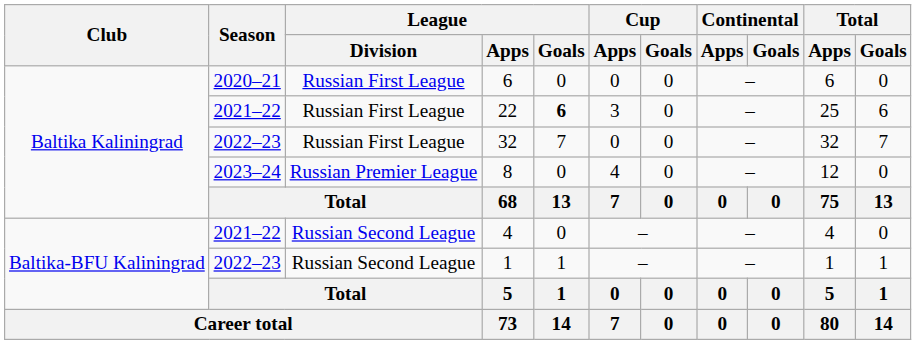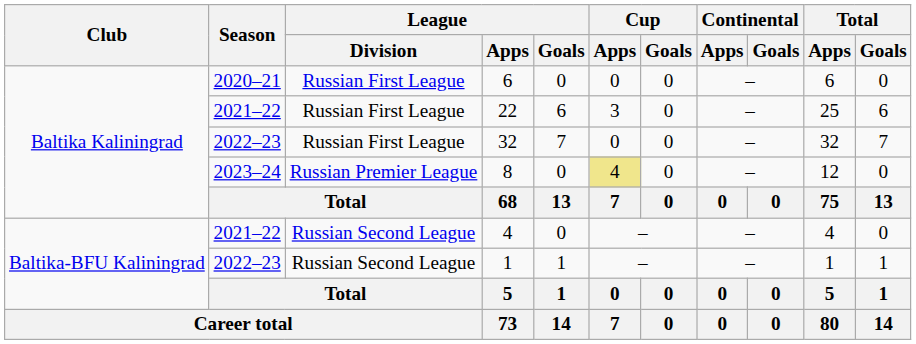 <table class="wikitable" style="text-align: center;">
 <tr>
 <th rowspan=2>Club</th>
 <th rowspan=2>Season</th>
 <th colspan=3>League</th>
 <th colspan=2>Cup</th>
 <th colspan=2>Continental</th>
 <th colspan=2>Total</th>
 </tr>
 <tr>
 <th>Division</th>
 <th>Apps</th>
 <th>Goals</th>
 <th>Apps</th>
 <th>Goals</th>
 <th>Apps</th>
 <th>Goals</th>
 <th>Apps</th>
 <th>Goals</th>
 </tr>
 <tr>
 <td rowspan="5"><a href='#'>Baltika Kaliningrad</a></td>
 <td><a href='#'>2020–21</a></td>
 <td><a href='#'>Russian First League</a></td>
 <td>6</td>
 <td>0</td>
 <td>0</td>
 <td>0</td>
 <td colspan=2>–</td>
 <td>6</td>
 <td>0</td>
 </tr>
 <tr>
 <td><a href='#'>2021–22</a></td>
 <td>Russian First League</td>
 <td>22</td>
-<td><strong>6</strong></td>
+<td>6</td>
 <td>3</td>
 <td>0</td>
 <td colspan=2>–</td>
 <td>25</td>
 <td>6</td>
 </tr>
 <tr>
 <td><a href='#'>2022–23</a></td>
 <td>Russian First League</td>
 <td>32</td>
 <td>7</td>
 <td>0</td>
 <td>0</td>
 <td colspan=2>–</td>
 <td>32</td>
 <td>7</td>
 </tr>
 <tr>
 <td><a href='#'>2023–24</a></td>
 <td><a href='#'>Russian Premier League</a></td>
 <td>8</td>
 <td>0</td>
-<td>4</td>
+<td style="background: khaki;">4</td>
 <td>0</td>
 <td colspan=2>–</td>
 <td>12</td>
 <td>0</td>
 </tr>
 <tr>
 <th colspan=2>Total</th>
 <th>68</th>
 <th>13</th>
 <th>7</th>
 <th>0</th>
 <th>0</th>
 <th>0</th>
 <th>75</th>
 <th>13</th>
 </tr>
 <tr>
 <td rowspan="3"><a href='#'>Baltika-BFU Kaliningrad</a></td>
 <td><a href='#'>2021–22</a></td>
 <td><a href='#'>Russian Second League</a></td>
 <td>4</td>
 <td>0</td>
 <td colspan=2>–</td>
 <td colspan=2>–</td>
 <td>4</td>
 <td>0</td>
 </tr>
 <tr>
 <td><a href='#'>2022–23</a></td>
 <td>Russian Second League</td>
 <td>1</td>
 <td>1</td>
 <td colspan=2>–</td>
 <td colspan=2>–</td>
 <td>1</td>
 <td>1</td>
 </tr>
 <tr>
 <th colspan=2>Total</th>
 <th>5</th>
 <th>1</th>
 <th>0</th>
 <th>0</th>
 <th>0</th>
 <th>0</th>
 <th>5</th>
 <th>1</th>
 </tr>
 <tr>
 <th colspan=3>Career total</th>
 <th>73</th>
 <th>14</th>
 <th>7</th>
 <th>0</th>
 <th>0</th>
 <th>0</th>
 <th>80</th>
 <th>14</th>
 </tr>
 </table>
